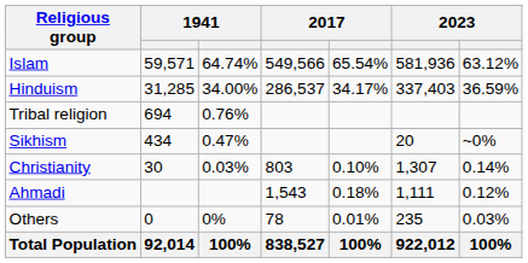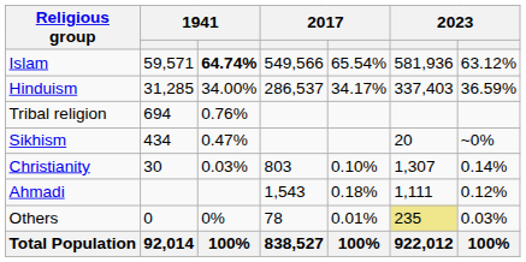 <table class="wikitable sortable">
 <tr>
 <th rowspan="2"><a href='#'>Religious</a><br>group</th>
 <th colspan="2">1941</th>
 <th colspan="2">2017</th>
 <th colspan="2">2023</th>
 </tr>
 <tr>
 <th><a href='#'></a></th>
 <th></th>
 <th></th>
 <th></th>
 <th></th>
 <th></th>
 </tr>
 <tr>
 <td><a href='#'>Islam</a> </td>
 <td>59,571</td>
-<td>64.74%</td>
+<td><strong>64.74%</strong></td>
 <td>549,566</td>
 <td>65.54%</td>
 <td>581,936</td>
 <td>63.12%</td>
 </tr>
 <tr>
 <td><a href='#'>Hinduism</a> </td>
 <td>31,285</td>
 <td>34.00%</td>
 <td>286,537</td>
 <td>34.17%</td>
 <td>337,403</td>
 <td>36.59%</td>
 </tr>
 <tr>
 <td>Tribal religion</td>
 <td>694</td>
 <td>0.76%</td>
 <td></td>
 <td></td>
 <td></td>
 <td></td>
 </tr>
 <tr>
 <td><a href='#'>Sikhism</a> </td>
 <td>434</td>
 <td>0.47%</td>
 <td></td>
 <td></td>
 <td>20</td>
 <td>~0%</td>
 </tr>
 <tr>
 <td><a href='#'>Christianity</a> </td>
 <td>30</td>
 <td>0.03%</td>
 <td>803</td>
 <td>0.10%</td>
 <td>1,307</td>
 <td>0.14%</td>
 </tr>
 <tr>
 <td><a href='#'>Ahmadi</a></td>
 <td></td>
 <td></td>
 <td>1,543</td>
 <td>0.18%</td>
 <td>1,111</td>
 <td>0.12%</td>
 </tr>
 <tr>
 <td>Others </td>
 <td>0</td>
 <td>0%</td>
 <td>78</td>
 <td>0.01%</td>
-<td>235</td>
+<td style="background: khaki;">235</td>
 <td>0.03%</td>
 </tr>
 <tr>
 <th>Total Population</th>
 <th>92,014</th>
 <th>100%</th>
 <th>838,527</th>
 <th>100%</th>
 <th>922,012</th>
 <th>100%</th>
 </tr>
 </table>
